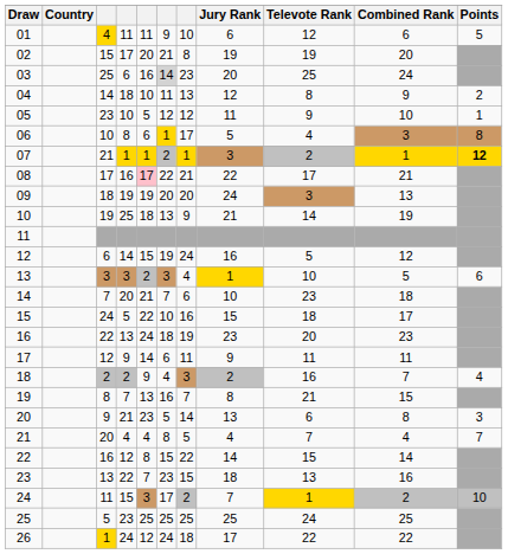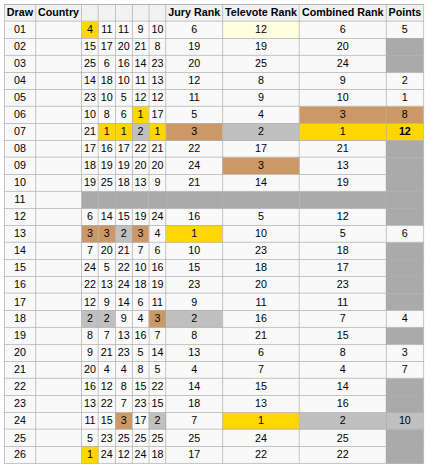 <table class="sortable wikitable collapsible plainrowheaders" style="text-align:center;">
 <tr>
 </tr>
 <tr>
 <th scope="col">Draw</th>
 <th scope="col">Country</th>
 <th scope="col"><small></small></th>
 <th scope="col"><small></small></th>
 <th scope="col"><small></small></th>
 <th scope="col"><small></small></th>
 <th scope="col"><small></small></th>
 <th scope="col">Jury Rank</th>
 <th scope="col">Televote Rank</th>
 <th scope="col">Combined Rank</th>
 <th scope="col">Points</th>
 </tr>
 <tr>
 <td>01</td>
 <td style="text-align:left;"></td>
 <td style="background: gold;">4</td>
 <td>11</td>
 <td>11</td>
 <td>9</td>
 <td>10</td>
 <td>6</td>
-<td>12</td>
+<td style="background: lightyellow;">12</td>
 <td>6</td>
 <td>5</td>
 </tr>
 <tr>
 <td>02</td>
 <td style="text-align:left;"></td>
 <td>15</td>
 <td>17</td>
 <td>20</td>
 <td>21</td>
 <td>8</td>
 <td>19</td>
 <td>19</td>
 <td>20</td>
 <td style="background:#AAAAAA;"></td>
 </tr>
 <tr>
 <td>03</td>
 <td style="text-align:left;"></td>
 <td>25</td>
 <td>6</td>
 <td>16</td>
-<td style="background: lightgrey;">14</td>
+<td>14</td>
 <td>23</td>
 <td>20</td>
 <td>25</td>
 <td>24</td>
 <td style="background:#AAAAAA;"></td>
 </tr>
 <tr>
 <td>04</td>
 <td style="text-align:left;"></td>
 <td>14</td>
 <td>18</td>
 <td>10</td>
 <td>11</td>
 <td>13</td>
 <td>12</td>
 <td>8</td>
 <td>9</td>
 <td>2</td>
 </tr>
 <tr>
 <td>05</td>
 <td style="text-align:left;"></td>
 <td>23</td>
 <td>10</td>
 <td>5</td>
 <td>12</td>
 <td>12</td>
 <td>11</td>
 <td>9</td>
 <td>10</td>
 <td>1</td>
 </tr>
 <tr>
 <td>06</td>
 <td style="text-align:left;"></td>
 <td>10</td>
 <td>8</td>
 <td>6</td>
 <td style="background:gold;">1</td>
 <td>17</td>
 <td>5</td>
 <td>4</td>
 <td style="background:#CC9966;">3</td>
 <td style="background:#CC9966;">8</td>
 </tr>
 <tr>
 <td>07</td>
 <td style="text-align:left;"></td>
 <td>21</td>
 <td style="background:gold;">1</td>
 <td style="background:gold;">1</td>
 <td style="background:silver;">2</td>
 <td style="background:gold;">1</td>
 <td style="background:#CC9966;">3</td>
 <td style="background:silver;">2</td>
 <td style="background:gold;">1</td>
 <td style="background:gold;"><strong>12</strong></td>
 </tr>
 <tr>
 <td>08</td>
 <td style="text-align:left;"></td>
 <td>17</td>
 <td>16</td>
-<td style="background: pink;">17</td>
+<td>17</td>
 <td>22</td>
 <td>21</td>
 <td>22</td>
 <td>17</td>
 <td>21</td>
 <td style="background:#AAAAAA;"></td>
 </tr>
 <tr>
 <td>09</td>
 <td style="text-align:left;"></td>
 <td>18</td>
 <td>19</td>
 <td>19</td>
 <td>20</td>
 <td>20</td>
 <td>24</td>
 <td style="background:#CC9966;">3</td>
 <td>13</td>
 <td style="background:#AAAAAA;"></td>
 </tr>
 <tr>
 <td>10</td>
 <td style="text-align:left;"></td>
 <td>19</td>
 <td>25</td>
 <td>18</td>
 <td>13</td>
 <td>9</td>
 <td>21</td>
 <td>14</td>
 <td>19</td>
 <td style="background:#AAAAAA;"></td>
 </tr>
 <tr class="sortbottom">
 <td>11</td>
 <td style="text-align:left;"></td>
 <td style="background:#AAAAAA;"></td>
 <td style="background:#AAAAAA;"></td>
 <td style="background:#AAAAAA;"></td>
 <td style="background:#AAAAAA;"></td>
 <td style="background:#AAAAAA;"></td>
 <td style="background:#AAAAAA;"></td>
 <td style="background:#AAAAAA;"></td>
 <td style="background:#AAAAAA;"></td>
 <td style="background:#AAAAAA;"></td>
 </tr>
 <tr>
 <td>12</td>
 <td style="text-align:left;"></td>
 <td>6</td>
 <td>14</td>
 <td>15</td>
 <td>19</td>
 <td>24</td>
 <td>16</td>
 <td>5</td>
 <td>12</td>
 <td style="background:#AAAAAA;"></td>
 </tr>
 <tr>
 <td>13</td>
 <td style="text-align:left;"></td>
 <td style="background:#CC9966;">3</td>
 <td style="background:#CC9966;">3</td>
 <td style="background:silver;">2</td>
 <td style="background:#CC9966;">3</td>
 <td>4</td>
 <td style="background:gold;">1</td>
 <td>10</td>
 <td>5</td>
 <td>6</td>
 </tr>
 <tr>
 <td>14</td>
 <td style="text-align:left;"></td>
 <td>7</td>
 <td>20</td>
 <td>21</td>
 <td>7</td>
 <td>6</td>
 <td>10</td>
 <td>23</td>
 <td>18</td>
 <td style="background:#AAAAAA;"></td>
 </tr>
 <tr>
 <td>15</td>
 <td style="text-align:left;"></td>
 <td>24</td>
 <td>5</td>
 <td>22</td>
 <td>10</td>
 <td>16</td>
 <td>15</td>
 <td>18</td>
 <td>17</td>
 <td style="background:#AAAAAA;"></td>
 </tr>
 <tr>
 <td>16</td>
 <td style="text-align:left;"></td>
 <td>22</td>
 <td>13</td>
 <td>24</td>
 <td>18</td>
 <td>19</td>
 <td>23</td>
 <td>20</td>
 <td>23</td>
 <td style="background:#AAAAAA;"></td>
 </tr>
 <tr>
 <td>17</td>
 <td style="text-align:left;"></td>
 <td>12</td>
 <td>9</td>
 <td>14</td>
 <td>6</td>
 <td>11</td>
 <td>9</td>
 <td>11</td>
 <td>11</td>
 <td style="background:#AAAAAA;"></td>
 </tr>
 <tr>
 <td>18</td>
 <td style="text-align:left;"></td>
 <td style="background:silver;">2</td>
 <td style="background:silver;">2</td>
 <td>9</td>
 <td>4</td>
 <td style="background:#CC9966;">3</td>
 <td style="background:silver;">2</td>
 <td>16</td>
 <td>7</td>
 <td>4</td>
 </tr>
 <tr>
 <td>19</td>
 <td style="text-align:left;"></td>
 <td>8</td>
 <td>7</td>
 <td>13</td>
 <td>16</td>
 <td>7</td>
 <td>8</td>
 <td>21</td>
 <td>15</td>
 <td style="background:#AAAAAA;"></td>
 </tr>
 <tr>
 <td>20</td>
 <td style="text-align:left;"></td>
 <td>9</td>
 <td>21</td>
 <td>23</td>
 <td>5</td>
 <td>14</td>
 <td>13</td>
 <td>6</td>
 <td>8</td>
 <td>3</td>
 </tr>
 <tr>
 <td>21</td>
 <td style="text-align:left;"></td>
 <td>20</td>
 <td>4</td>
 <td>4</td>
 <td>8</td>
 <td>5</td>
 <td>4</td>
 <td>7</td>
 <td>4</td>
 <td>7</td>
 </tr>
 <tr>
 <td>22</td>
 <td style="text-align:left;"></td>
 <td>16</td>
 <td>12</td>
 <td>8</td>
 <td>15</td>
 <td>22</td>
 <td>14</td>
 <td>15</td>
 <td>14</td>
 <td style="background:#AAAAAA;"></td>
 </tr>
 <tr>
 <td>23</td>
 <td style="text-align:left;"></td>
 <td>13</td>
 <td>22</td>
 <td>7</td>
 <td>23</td>
 <td>15</td>
 <td>18</td>
 <td>13</td>
 <td>16</td>
 <td style="background:#AAAAAA;"></td>
 </tr>
 <tr>
 <td>24</td>
 <td style="text-align:left;"></td>
 <td>11</td>
 <td>15</td>
 <td style="background:#CC9966;">3</td>
 <td>17</td>
 <td style="background:silver;">2</td>
 <td>7</td>
 <td style="background:gold;">1</td>
 <td style="background:silver;">2</td>
 <td style="background:silver;">10</td>
 </tr>
 <tr>
 <td>25</td>
 <td style="text-align:left;"></td>
 <td>5</td>
 <td>23</td>
 <td>25</td>
 <td>25</td>
 <td>25</td>
 <td>25</td>
 <td>24</td>
 <td>25</td>
 <td style="background:#AAAAAA;"></td>
 </tr>
 <tr>
 <td>26</td>
 <td style="text-align:left;"></td>
 <td style="background:gold;">1</td>
 <td>24</td>
 <td>12</td>
 <td>24</td>
 <td>18</td>
 <td>17</td>
 <td>22</td>
 <td>22</td>
 <td style="background:#AAAAAA;"></td>
 </tr>
 </table>
